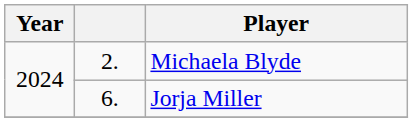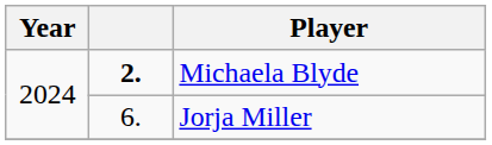 <table class="wikitable">
 <tr>
 <th width=40>Year</th>
 <th width=40></th>
 <th width=170>Player</th>
 </tr>
 <tr>
 <td align=center rowspan=2>2024</td>
-<td align=center>2.</td>
+<td align=center><strong>2.</strong></td>
 <td><a href='#'>Michaela Blyde</a></td>
 </tr>
 <tr>
 <td align=center>6.</td>
 <td><a href='#'>Jorja Miller</a></td>
 </tr>
 <tr>
 </tr>
 </table>
